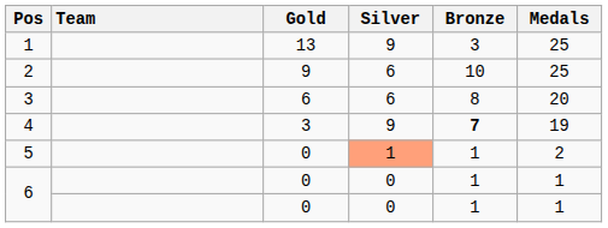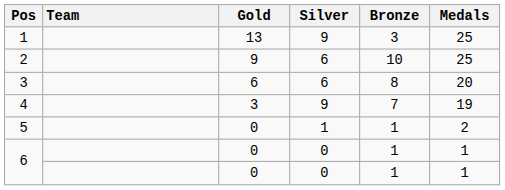 <table class="wikitable" style="text-align:center">
 <tr>
 <th width="30">Pos</th>
 <th style="width:160px; text-align:left;">Team</th>
 <th width="60">Gold</th>
 <th width="60">Silver</th>
 <th width="60">Bronze</th>
 <th width="60">Medals</th>
 </tr>
 <tr>
 <td>1</td>
 <td style="text-align:left;"></td>
 <td>13</td>
 <td>9</td>
 <td>3</td>
 <td>25</td>
 </tr>
 <tr>
 <td>2</td>
 <td style="text-align:left;"><em></em><br></td>
 <td>9</td>
 <td>6</td>
 <td>10</td>
 <td>25</td>
 </tr>
 <tr>
 <td>3</td>
 <td style="text-align:left;"></td>
 <td>6</td>
 <td>6</td>
 <td>8</td>
 <td>20</td>
 </tr>
 <tr>
 <td>4</td>
 <td style="text-align:left;"><em></em><br></td>
 <td>3</td>
 <td>9</td>
-<td><strong>7</strong></td>
+<td>7</td>
 <td>19</td>
 </tr>
 <tr>
 <td>5</td>
 <td style="text-align:left;"></td>
 <td>0</td>
-<td style="background: lightsalmon;">1</td>
+<td>1</td>
 <td>1</td>
 <td>2</td>
 </tr>
 <tr>
 <td rowspan=2>6</td>
 <td style="text-align:left;"></td>
 <td>0</td>
 <td>0</td>
 <td>1</td>
 <td>1</td>
 </tr>
 <tr>
 <td style="text-align:left;"></td>
 <td>0</td>
 <td>0</td>
 <td>1</td>
 <td>1</td>
 </tr>
 </table>
